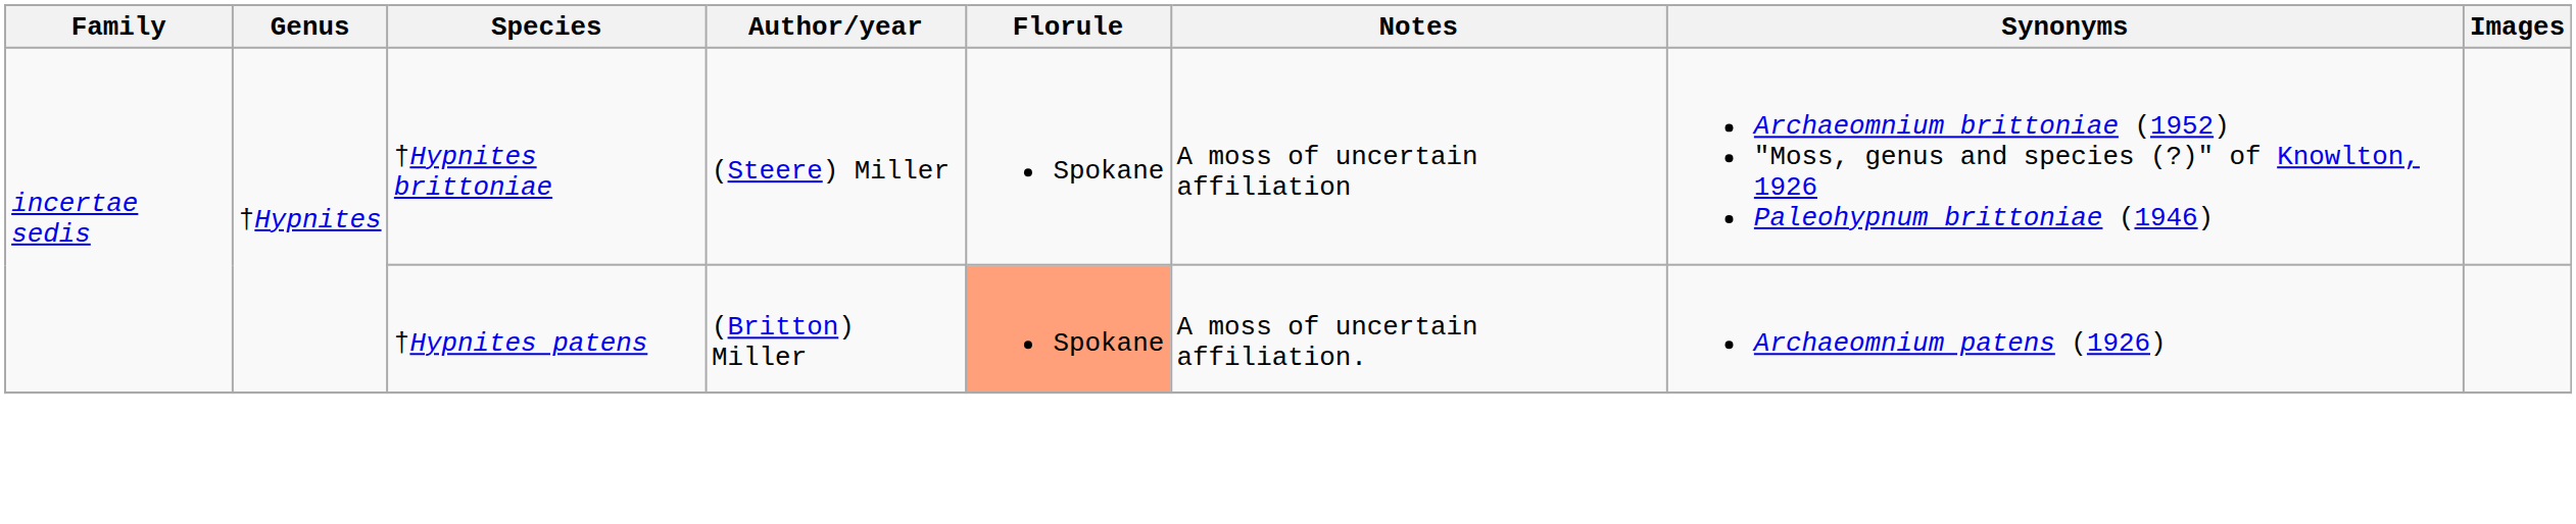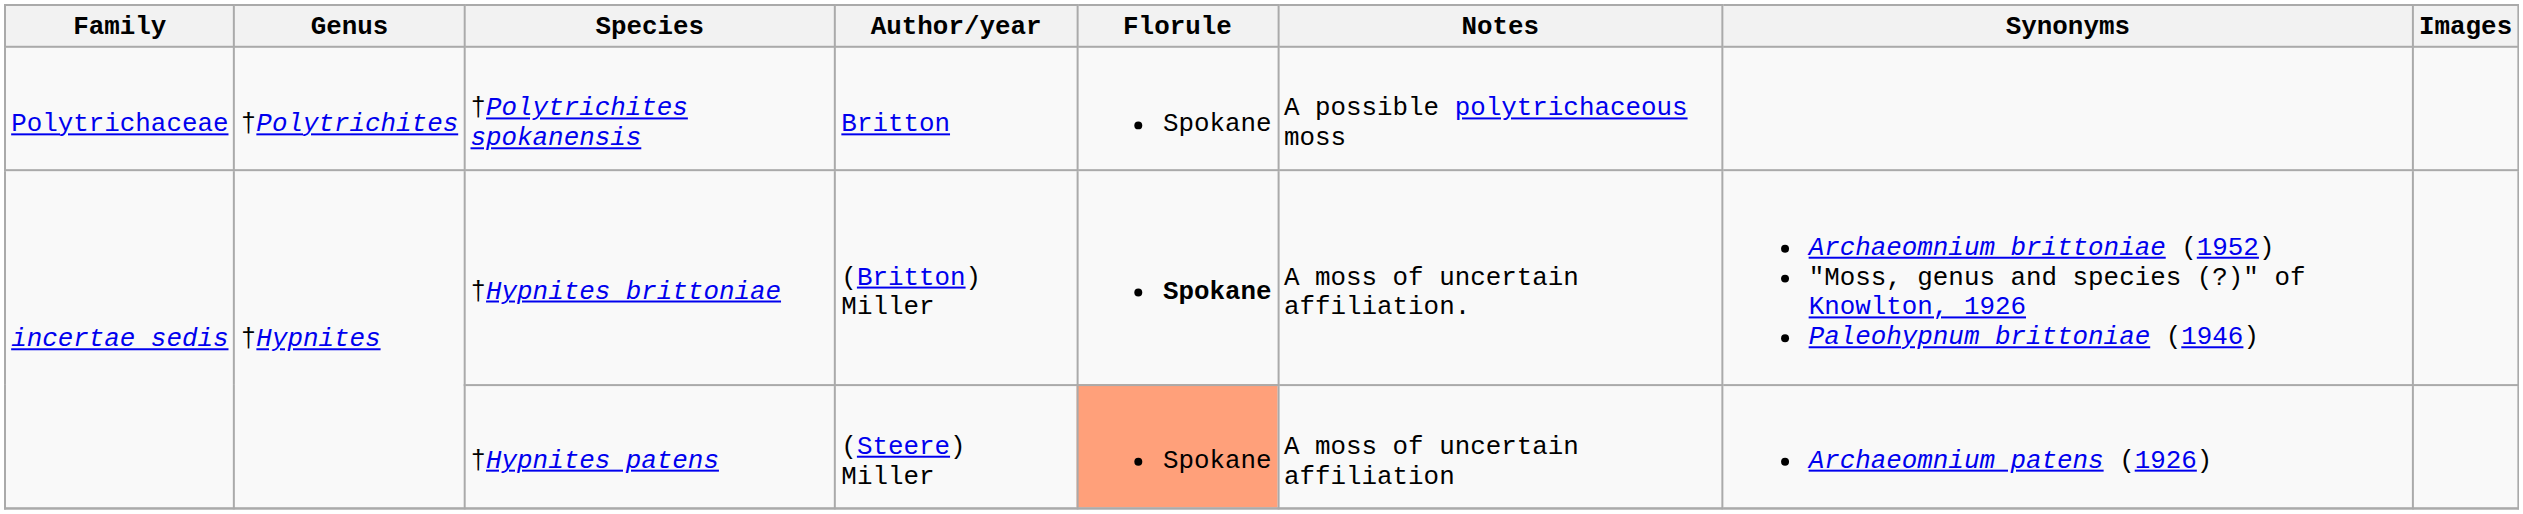 <table class="wikitable sortable mw-collapsible" style="margin:auto; width:100%">
 <tr>
 <th>Family</th>
 <th>Genus</th>
 <th>Species</th>
 <th>Author/year</th>
 <th>Florule</th>
 <th>Notes</th>
 <th>Synonyms</th>
 <th>Images</th>
 </tr>
 <tr>
+<td><br><a href='#'>Polytrichaceae</a></td>
+<td><br>†<em><a href='#'>Polytrichites</a></em></td>
+<td><br>†<em><a href='#'>Polytrichites spokanensis</a></em></td>
+<td><br><a href='#'>Britton</a></td>
+<td><br><ul><li>Spokane</li></ul></td>
+<td><br>A possible <a href='#'>polytrichaceous</a> moss</td>
+<td></td>
+<td><br></td>
+</tr>
+<tr>
 <td rowspan=2><em><a href='#'>incertae sedis</a></em></td>
 <td rowspan=2>†<em><a href='#'>Hypnites</a></em></td>
 <td><br>†<em><a href='#'>Hypnites brittoniae</a></em></td>
-<td><br>(<a href='#'>Steere</a>) Miller</td>
-<td><br><ul><li>Spokane</li></ul></td>
-<td><br>A moss of uncertain affiliation</td>
+<td><br>(<a href='#'>Britton</a>) Miller</td>
+<td><strong><br><ul><li>Spokane</li></ul></strong></td>
+<td><br>A moss of uncertain affiliation.</td>
 <td><br><ul><li><em><a href='#'>Archaeomnium brittoniae</a></em> (<a href='#'>1952</a>)</li><li>"Moss, genus and species (?)" of <a href='#'>Knowlton, 1926</a></li><li><em><a href='#'>Paleohypnum brittoniae</a></em> (<a href='#'>1946</a>)</li></ul></td>
 <td><br></td>
 </tr>
 <tr>
 <td><br>†<em><a href='#'>Hypnites patens</a></em></td>
-<td><br>(<a href='#'>Britton</a>) Miller</td>
+<td><br>(<a href='#'>Steere</a>) Miller</td>
 <td style="background: lightsalmon;"><br><ul><li>Spokane</li></ul></td>
-<td><br>A moss of uncertain affiliation.</td>
+<td><br>A moss of uncertain affiliation</td>
 <td><br><ul><li><em><a href='#'>Archaeomnium patens</a></em> (<a href='#'>1926</a>)</li></ul></td>
 <td><br></td>
 </tr>
 <tr>
 </tr>
 </table>
